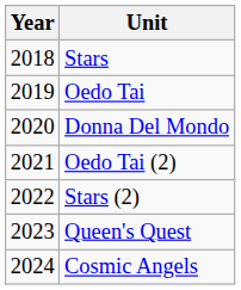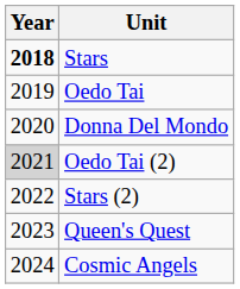 <table class="wikitable">
 <tr>
 <th>Year</th>
 <th>Unit</th>
 </tr>
 <tr>
-<td>2018</td>
+<td><strong>2018</strong></td>
 <td><a href='#'>Stars</a></td>
 </tr>
 <tr>
 <td>2019</td>
 <td><a href='#'>Oedo Tai</a></td>
 </tr>
 <tr>
 <td>2020</td>
 <td><a href='#'>Donna Del Mondo</a><br></td>
 </tr>
 <tr>
-<td>2021</td>
+<td style="background: lightgrey;">2021</td>
 <td><a href='#'>Oedo Tai</a> (2)<br></td>
 </tr>
 <tr>
 <td>2022</td>
 <td><a href='#'>Stars</a> (2)<br></td>
 </tr>
 <tr>
 <td>2023</td>
 <td><a href='#'>Queen's Quest</a><br></td>
 </tr>
 <tr>
 <td>2024</td>
 <td><a href='#'>Cosmic Angels</a><br></td>
 </tr>
 </table>
